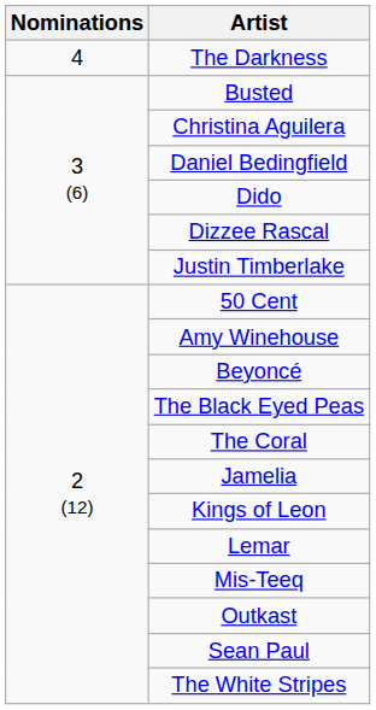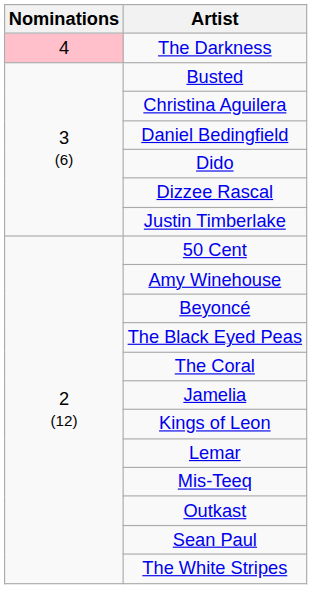 <table class="wikitable" rowspan="2" style="text-align:center;">
 <tr>
 <th scope="col" style="width:55px;">Nominations</th>
 <th scope="col" style="text-align:center;">Artist</th>
 </tr>
 <tr>
-<td>4</td>
+<td style="background: pink;">4</td>
 <td><a href='#'>The Darkness</a></td>
 </tr>
 <tr>
 <td rowspan="6">3<br><small>(6)</small></td>
 <td><a href='#'>Busted</a></td>
 </tr>
 <tr>
 <td><a href='#'>Christina Aguilera</a></td>
 </tr>
 <tr>
 <td><a href='#'>Daniel Bedingfield</a></td>
 </tr>
 <tr>
 <td><a href='#'>Dido</a></td>
 </tr>
 <tr>
 <td><a href='#'>Dizzee Rascal</a></td>
 </tr>
 <tr>
 <td><a href='#'>Justin Timberlake</a></td>
 </tr>
 <tr>
 <td rowspan="12">2<br><small>(12)</small></td>
 <td><a href='#'>50 Cent</a></td>
 </tr>
 <tr>
 <td><a href='#'>Amy Winehouse</a></td>
 </tr>
 <tr>
 <td><a href='#'>Beyoncé</a></td>
 </tr>
 <tr>
 <td><a href='#'>The Black Eyed Peas</a></td>
 </tr>
 <tr>
 <td><a href='#'>The Coral</a></td>
 </tr>
 <tr>
 <td><a href='#'>Jamelia</a></td>
 </tr>
 <tr>
 <td><a href='#'>Kings of Leon</a></td>
 </tr>
 <tr>
 <td><a href='#'>Lemar</a></td>
 </tr>
 <tr>
 <td><a href='#'>Mis-Teeq</a></td>
 </tr>
 <tr>
 <td><a href='#'>Outkast</a></td>
 </tr>
 <tr>
 <td><a href='#'>Sean Paul</a></td>
 </tr>
 <tr>
 <td><a href='#'>The White Stripes</a></td>
 </tr>
 </table>
